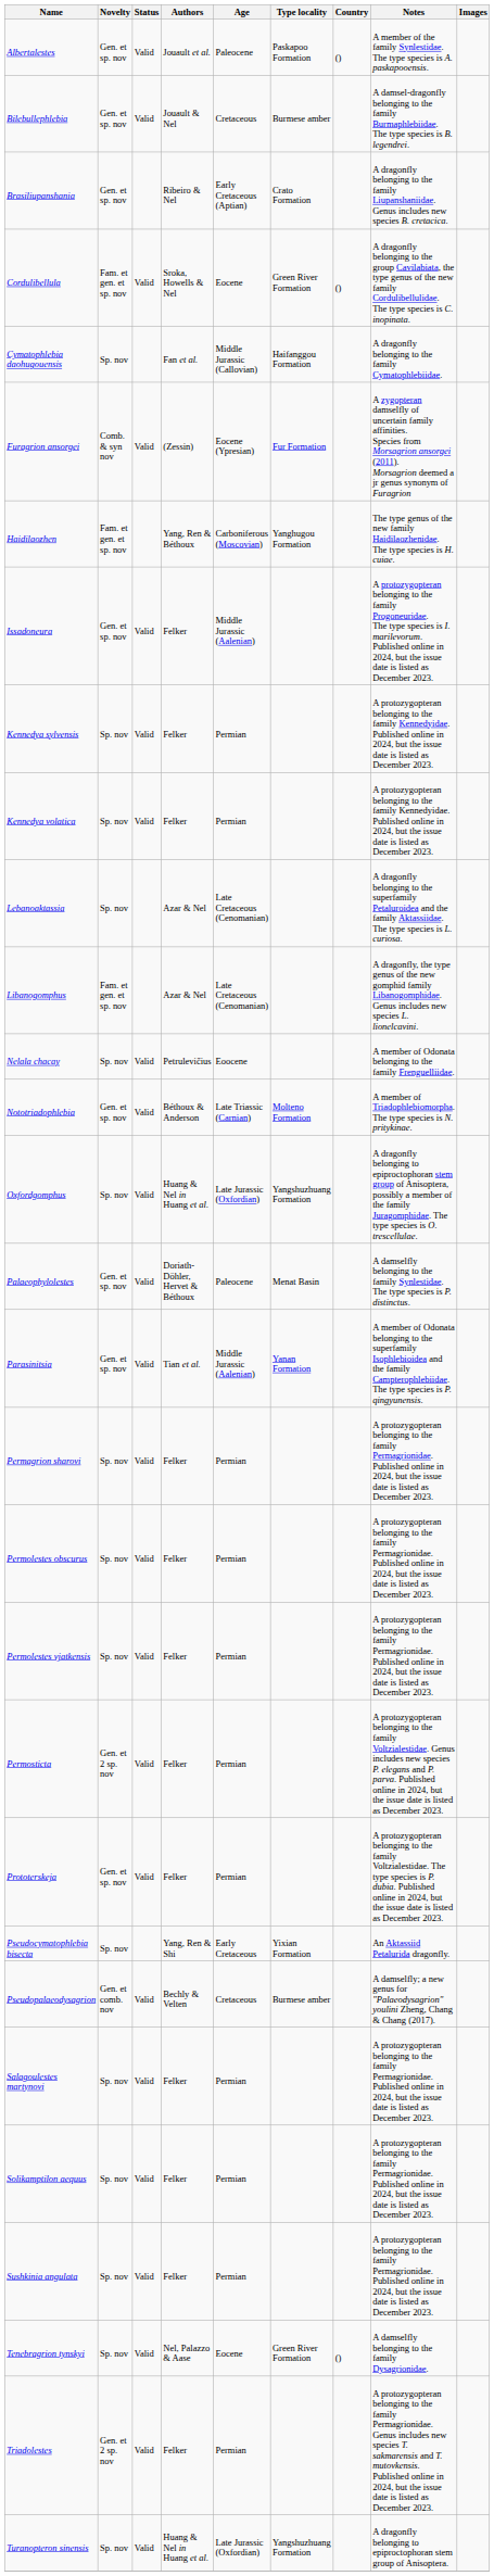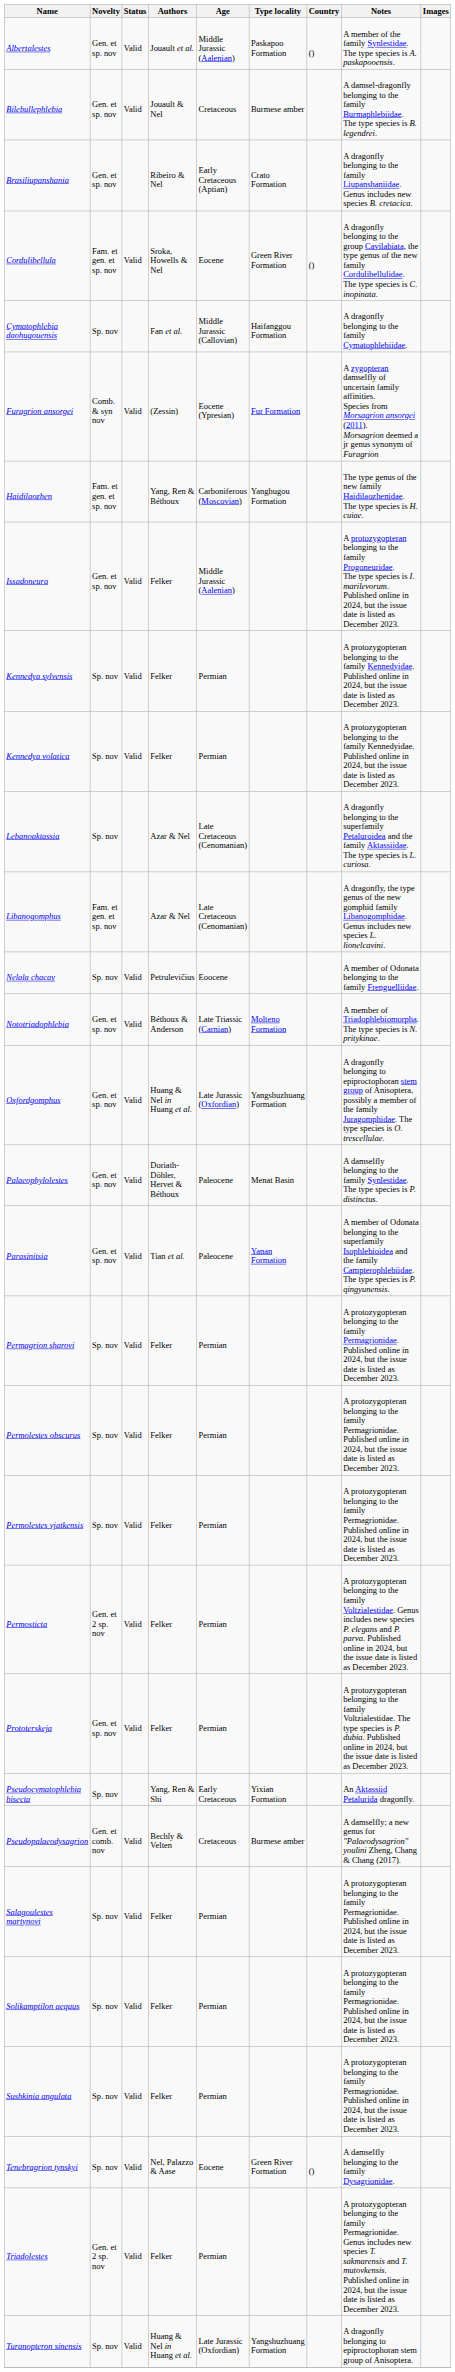 <table class="wikitable sortable" align="center" width="100%">
 <tr>
 <th>Name</th>
 <th>Novelty</th>
 <th>Status</th>
 <th>Authors</th>
 <th>Age</th>
 <th>Type locality</th>
 <th>Country</th>
 <th>Notes</th>
 <th>Images</th>
 </tr>
 <tr>
 <td><br><em><a href='#'>Albertalestes</a></em></td>
 <td><br>Gen. et sp. nov</td>
 <td><br>Valid</td>
 <td><br>Jouault <em>et al.</em></td>
-<td><br>Paleocene</td>
+<td><br>Middle Jurassic<br> (<a href='#'>Aalenian</a>)</td>
 <td><br>Paskapoo Formation</td>
 <td><br><br>()</td>
 <td><br>A member of the family <a href='#'>Synlestidae</a>. The type species is <em>A. paskapooensis</em>.</td>
 <td></td>
 </tr>
 <tr>
 <td><br><em><a href='#'>Bilebullephlebia</a></em></td>
 <td><br>Gen. et sp. nov</td>
 <td><br>Valid</td>
 <td><br>Jouault & Nel</td>
 <td><br>Cretaceous</td>
 <td><br>Burmese amber</td>
 <td><br></td>
 <td><br>A damsel-dragonfly belonging to the family <a href='#'>Burmaphlebiidae</a>.<br> The type species is <em>B. legendrei</em>.</td>
 <td></td>
 </tr>
 <tr>
 <td><br><em><a href='#'>Brasiliupanshania</a></em></td>
 <td><br>Gen. et sp. nov</td>
 <td></td>
 <td><br>Ribeiro & Nel</td>
 <td><br>Early Cretaceous<br> (Aptian)</td>
 <td><br>Crato Formation</td>
 <td><br></td>
 <td><br>A dragonfly belonging to the family <a href='#'>Liupanshaniidae</a>.<br> Genus includes new species <em>B. cretacica</em>.</td>
 <td></td>
 </tr>
 <tr>
 <td><br><em><a href='#'>Cordulibellula</a></em></td>
 <td><br>Fam. et gen. et sp. nov</td>
 <td><br>Valid</td>
 <td><br>Sroka, Howells & Nel</td>
 <td><br>Eocene</td>
 <td><br>Green River Formation</td>
 <td><br><br>()</td>
 <td><br>A dragonfly belonging to the group <a href='#'>Cavilabiata</a>, the type genus of the new family <a href='#'>Cordulibellulidae</a>. The type species is <em>C. inopinata</em>.</td>
 <td></td>
 </tr>
 <tr>
 <td><br><em><a href='#'>Cymatophlebia daohugouensis</a></em></td>
 <td><br>Sp. nov</td>
 <td></td>
 <td><br>Fan <em>et al.</em></td>
 <td><br>Middle Jurassic <br>(Callovian)</td>
 <td><br>Haifanggou Formation</td>
 <td><br></td>
 <td><br>A dragonfly belonging to the family <a href='#'>Cymatophlebiidae</a>.</td>
 <td></td>
 </tr>
 <tr>
 <td><br><em><a href='#'>Furagrion ansorgei</a></em></td>
 <td><br>Comb. & syn nov</td>
 <td><br>Valid</td>
 <td><br>(Zessin)</td>
 <td><br>Eocene <br>(Ypresian)</td>
 <td><br><a href='#'>Fur Formation</a></td>
 <td><br></td>
 <td><br>A <a href='#'>zygopteran</a> damselfly of uncertain family affinities.<br> Species from <em><a href='#'>Morsagrion ansorgei</a></em> (<a href='#'>2011</a>).<br> <em>Morsagrion</em> deemed a jr genus synonym of <em>Furagrion</em></td>
 <td></td>
 </tr>
 <tr>
 <td><br><em><a href='#'>Haidilaozhen</a></em></td>
 <td><br>Fam. et gen. et sp. nov</td>
 <td></td>
 <td><br>Yang, Ren & Béthoux</td>
 <td><br>Carboniferous<br> (<a href='#'>Moscovian</a>)</td>
 <td><br>Yanghugou Formation</td>
 <td><br></td>
 <td><br>The type genus of the new family <a href='#'>Haidilaozhenidae</a>.<br> The type species is <em>H. cuiae</em>.</td>
 <td></td>
 </tr>
 <tr>
 <td><br><em><a href='#'>Issadoneura</a></em></td>
 <td><br>Gen. et sp. nov</td>
 <td><br>Valid</td>
 <td><br>Felker</td>
 <td><br>Middle Jurassic<br> (<a href='#'>Aalenian</a>)</td>
 <td></td>
 <td><br></td>
 <td><br>A <a href='#'>protozygopteran</a> belonging to the family <a href='#'>Progoneuridae</a>.<br> The type species is <em>I. marilevorum</em>.<br> Published online in 2024, but the issue date is listed as December 2023.</td>
 <td></td>
 </tr>
 <tr>
 <td><br><em><a href='#'>Kennedya sylvensis</a></em></td>
 <td><br>Sp. nov</td>
 <td><br>Valid</td>
 <td><br>Felker</td>
 <td><br>Permian</td>
 <td></td>
 <td><br></td>
 <td><br>A protozygopteran belonging to the family <a href='#'>Kennedyidae</a>. Published online in 2024, but the issue date is listed as December 2023.</td>
 <td></td>
 </tr>
 <tr>
 <td><br><em><a href='#'>Kennedya volatica</a></em></td>
 <td><br>Sp. nov</td>
 <td><br>Valid</td>
 <td><br>Felker</td>
 <td><br>Permian</td>
 <td></td>
 <td><br></td>
 <td><br>A protozygopteran belonging to the family Kennedyidae. Published online in 2024, but the issue date is listed as December 2023.</td>
 <td></td>
 </tr>
 <tr>
 <td><br><em><a href='#'>Lebanoaktassia</a></em></td>
 <td><br>Sp. nov</td>
 <td></td>
 <td><br>Azar & Nel</td>
 <td><br>Late Cretaceous<br> (Cenomanian)</td>
 <td></td>
 <td><br></td>
 <td><br>A dragonfly belonging to the superfamily <a href='#'>Petaluroidea</a> and the family <a href='#'>Aktassiidae</a>. The type species is <em>L. curiosa</em>.</td>
 <td></td>
 </tr>
 <tr>
 <td><br><em><a href='#'>Libanogomphus</a></em></td>
 <td><br>Fam. et gen. et sp. nov</td>
 <td></td>
 <td><br>Azar & Nel</td>
 <td><br>Late Cretaceous<br> (Cenomanian)</td>
 <td></td>
 <td><br></td>
 <td><br>A dragonfly, the type genus of the new gomphid family <a href='#'>Libanogomphidae</a>. Genus includes new species <em>L. lionelcavini</em>.</td>
 <td></td>
 </tr>
 <tr>
 <td><br><em><a href='#'>Nelala chacay</a></em></td>
 <td><br>Sp. nov</td>
 <td><br>Valid</td>
 <td><br>Petrulevičius</td>
 <td><br>Eoocene</td>
 <td></td>
 <td><br></td>
 <td><br>A member of Odonata belonging to the family <a href='#'>Frenguelliidae</a>.</td>
 <td></td>
 </tr>
 <tr>
 <td><br><em><a href='#'>Nototriadophlebia</a></em></td>
 <td><br>Gen. et sp. nov</td>
 <td><br>Valid</td>
 <td><br>Béthoux & Anderson</td>
 <td><br>Late Triassic <br>(<a href='#'>Carnian</a>)</td>
 <td><br><a href='#'>Molteno Formation</a></td>
 <td><br></td>
 <td><br>A member of <a href='#'>Triadophlebiomorpha</a>. The type species is <em>N. pritykinae</em>.</td>
 <td></td>
 </tr>
 <tr>
 <td><br><em><a href='#'>Oxfordgomphus</a></em></td>
-<td><br>Sp. nov</td>
+<td><br>Gen. et sp. nov</td>
 <td><br>Valid</td>
 <td><br>Huang & Nel <em>in</em> Huang <em>et al.</em></td>
 <td><br>Late Jurassic<br> (<a href='#'>Oxfordian</a>)</td>
 <td><br>Yangshuzhuang Formation</td>
 <td><br></td>
 <td><br>A dragonfly belonging to epiproctophoran <a href='#'>stem group</a> of Anisoptera, possibly a member of the family <a href='#'>Juragomphidae</a>. The type species is <em>O. trescellulae</em>.</td>
 <td></td>
 </tr>
 <tr>
 <td><br><em><a href='#'>Palaeophylolestes</a></em></td>
 <td><br>Gen. et sp. nov</td>
 <td><br>Valid</td>
 <td><br>Doriath-Döhler, Hervet & Béthoux</td>
 <td><br>Paleocene</td>
 <td><br>Menat Basin</td>
 <td><br></td>
 <td><br>A damselfly belonging to the family <a href='#'>Synlestidae</a>. The type species is <em>P. distinctus</em>.</td>
 <td></td>
 </tr>
 <tr>
 <td><br><em><a href='#'>Parasinitsia</a></em></td>
 <td><br>Gen. et sp. nov</td>
 <td><br>Valid</td>
 <td><br>Tian <em>et al.</em></td>
-<td><br>Middle Jurassic<br> (<a href='#'>Aalenian</a>)</td>
+<td><br>Paleocene</td>
 <td><br><a href='#'>Yanan Formation</a></td>
 <td><br></td>
 <td><br>A member of Odonata belonging to the superfamily <a href='#'>Isophlebioidea</a> and the family <a href='#'>Campterophlebiidae</a>. The type species is <em>P. qingyunensis</em>.</td>
 <td></td>
 </tr>
 <tr>
 <td><br><em><a href='#'>Permagrion sharovi</a></em></td>
 <td><br>Sp. nov</td>
 <td><br>Valid</td>
 <td><br>Felker</td>
 <td><br>Permian</td>
 <td></td>
 <td><br></td>
 <td><br>A protozygopteran belonging to the family <a href='#'>Permagrionidae</a>. Published online in 2024, but the issue date is listed as December 2023.</td>
 <td></td>
 </tr>
 <tr>
 <td><br><em><a href='#'>Permolestes obscurus</a></em></td>
 <td><br>Sp. nov</td>
 <td><br>Valid</td>
 <td><br>Felker</td>
 <td><br>Permian</td>
 <td></td>
 <td><br></td>
 <td><br>A protozygopteran belonging to the family Permagrionidae. Published online in 2024, but the issue date is listed as December 2023.</td>
 <td></td>
 </tr>
 <tr>
 <td><br><em><a href='#'>Permolestes vjatkensis</a></em></td>
 <td><br>Sp. nov</td>
 <td><br>Valid</td>
 <td><br>Felker</td>
 <td><br>Permian</td>
 <td></td>
 <td><br></td>
 <td><br>A protozygopteran belonging to the family Permagrionidae. Published online in 2024, but the issue date is listed as December 2023.</td>
 <td></td>
 </tr>
 <tr>
 <td><br><em><a href='#'>Permosticta</a></em></td>
 <td><br>Gen. et 2 sp. nov</td>
 <td><br>Valid</td>
 <td><br>Felker</td>
 <td><br>Permian</td>
 <td></td>
 <td><br></td>
 <td><br>A protozygopteran belonging to the family <a href='#'>Voltzialestidae</a>. Genus includes new species <em>P. elegans</em> and <em>P. parva</em>. Published online in 2024, but the issue date is listed as December 2023.</td>
 <td></td>
 </tr>
 <tr>
 <td><br><em><a href='#'>Prototerskeja</a></em></td>
 <td><br>Gen. et sp. nov</td>
 <td><br>Valid</td>
 <td><br>Felker</td>
 <td><br>Permian</td>
 <td></td>
 <td><br></td>
 <td><br>A protozygopteran belonging to the family Voltzialestidae. The type species is <em>P. dubia</em>. Published online in 2024, but the issue date is listed as December 2023.</td>
 <td></td>
 </tr>
 <tr>
 <td><br><em><a href='#'>Pseudocymatophlebia bisecta</a></em></td>
 <td><br>Sp. nov</td>
 <td></td>
 <td><br>Yang, Ren & Shi</td>
 <td><br>Early Cretaceous</td>
 <td><br>Yixian Formation</td>
 <td><br></td>
 <td><br>An <a href='#'>Aktassiid</a> <a href='#'>Petalurida</a> dragonfly.</td>
 <td></td>
 </tr>
 <tr>
 <td><br><em><a href='#'>Pseudopalaeodysagrion</a></em></td>
 <td><br>Gen. et comb. nov</td>
 <td><br>Valid</td>
 <td><br>Bechly & Velten</td>
 <td><br>Cretaceous</td>
 <td><br>Burmese amber</td>
 <td><br></td>
 <td><br>A damselfly; a new genus for <em>"Palaeodysagrion" youlini</em> Zheng, Chang & Chang (2017).</td>
 <td></td>
 </tr>
 <tr>
 <td><br><em><a href='#'>Salagoulestes martynovi</a></em></td>
 <td><br>Sp. nov</td>
 <td><br>Valid</td>
 <td><br>Felker</td>
 <td><br>Permian</td>
 <td></td>
 <td><br></td>
 <td><br>A protozygopteran belonging to the family Permagrionidae. Published online in 2024, but the issue date is listed as December 2023.</td>
 <td></td>
 </tr>
 <tr>
 <td><br><em><a href='#'>Solikamptilon aequus</a></em></td>
 <td><br>Sp. nov</td>
 <td><br>Valid</td>
 <td><br>Felker</td>
 <td><br>Permian</td>
 <td></td>
 <td><br></td>
 <td><br>A protozygopteran belonging to the family Permagrionidae. Published online in 2024, but the issue date is listed as December 2023.</td>
 <td></td>
 </tr>
 <tr>
 <td><br><em><a href='#'>Sushkinia angulata</a></em></td>
 <td><br>Sp. nov</td>
 <td><br>Valid</td>
 <td><br>Felker</td>
 <td><br>Permian</td>
 <td></td>
 <td><br></td>
 <td><br>A protozygopteran belonging to the family Permagrionidae. Published online in 2024, but the issue date is listed as December 2023.</td>
 <td></td>
 </tr>
 <tr>
 <td><br><em><a href='#'>Tenebragrion tynskyi</a></em></td>
 <td><br>Sp. nov</td>
 <td><br>Valid</td>
 <td><br>Nel, Palazzo & Aase</td>
 <td><br>Eocene</td>
 <td><br>Green River Formation</td>
 <td><br><br>()</td>
 <td><br>A damselfly belonging to the family <a href='#'>Dysagrionidae</a>.</td>
 <td></td>
 </tr>
 <tr>
 <td><br><em><a href='#'>Triadolestes</a></em></td>
 <td><br>Gen. et 2 sp. nov</td>
 <td><br>Valid</td>
 <td><br>Felker</td>
 <td><br>Permian</td>
 <td></td>
 <td><br></td>
 <td><br>A protozygopteran belonging to the family Permagrionidae. Genus includes new species <em>T. sakmarensis</em> and <em>T. mutovkensis</em>. Published online in 2024, but the issue date is listed as December 2023.</td>
 <td></td>
 </tr>
 <tr>
 <td><br><em><a href='#'>Turanopteron sinensis</a></em></td>
 <td><br>Sp. nov</td>
 <td><br>Valid</td>
 <td><br>Huang & Nel <em>in</em> Huang <em>et al.</em></td>
 <td><br>Late Jurassic <br>(Oxfordian)</td>
 <td><br>Yangshuzhuang Formation</td>
 <td><br></td>
 <td><br>A dragonfly belonging to epiproctophoran stem group of Anisoptera.</td>
 <td></td>
 </tr>
 <tr>
 </tr>
 </table>
